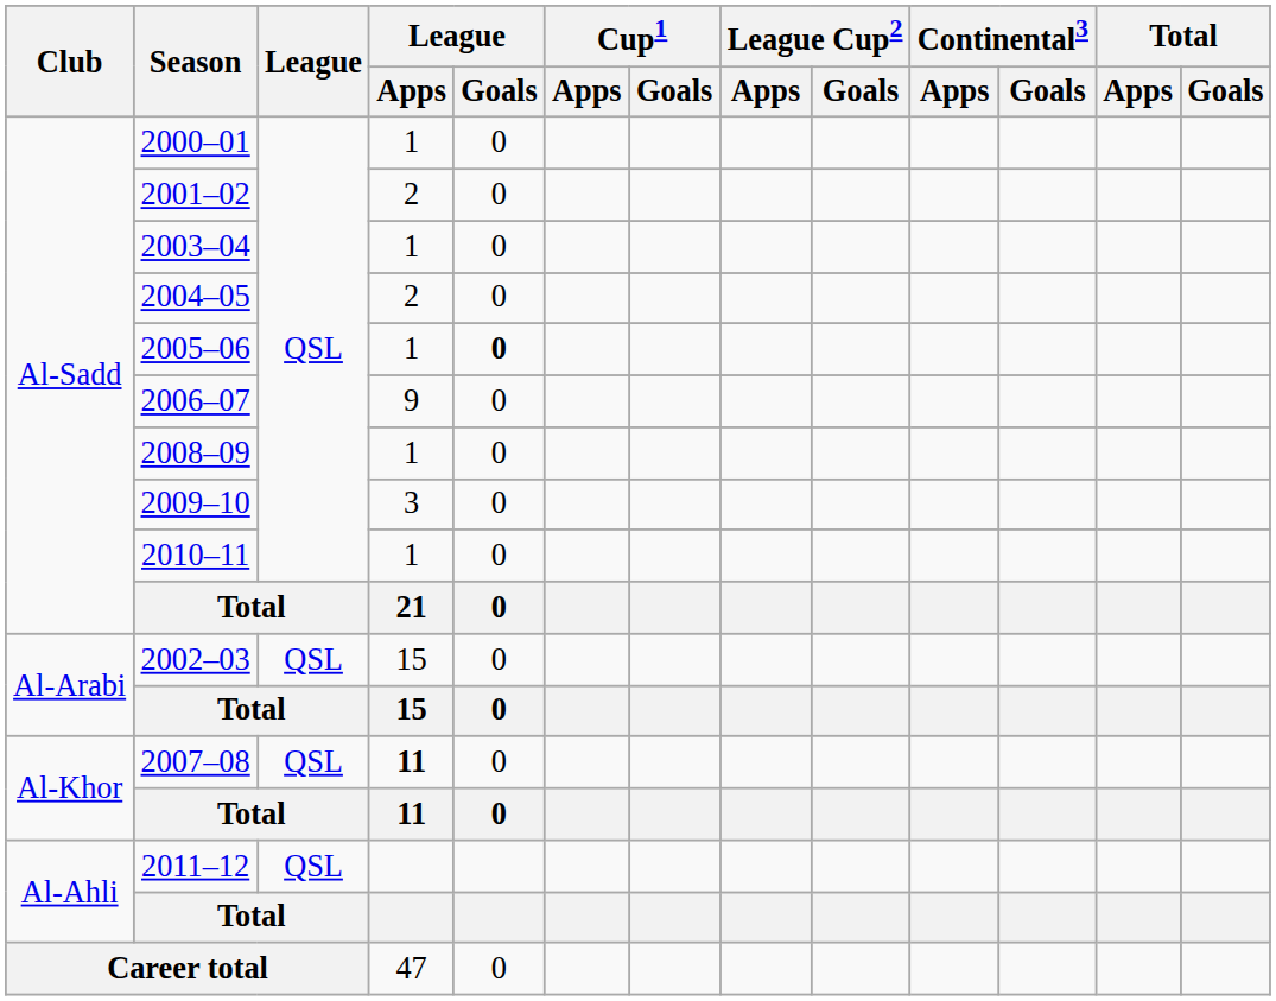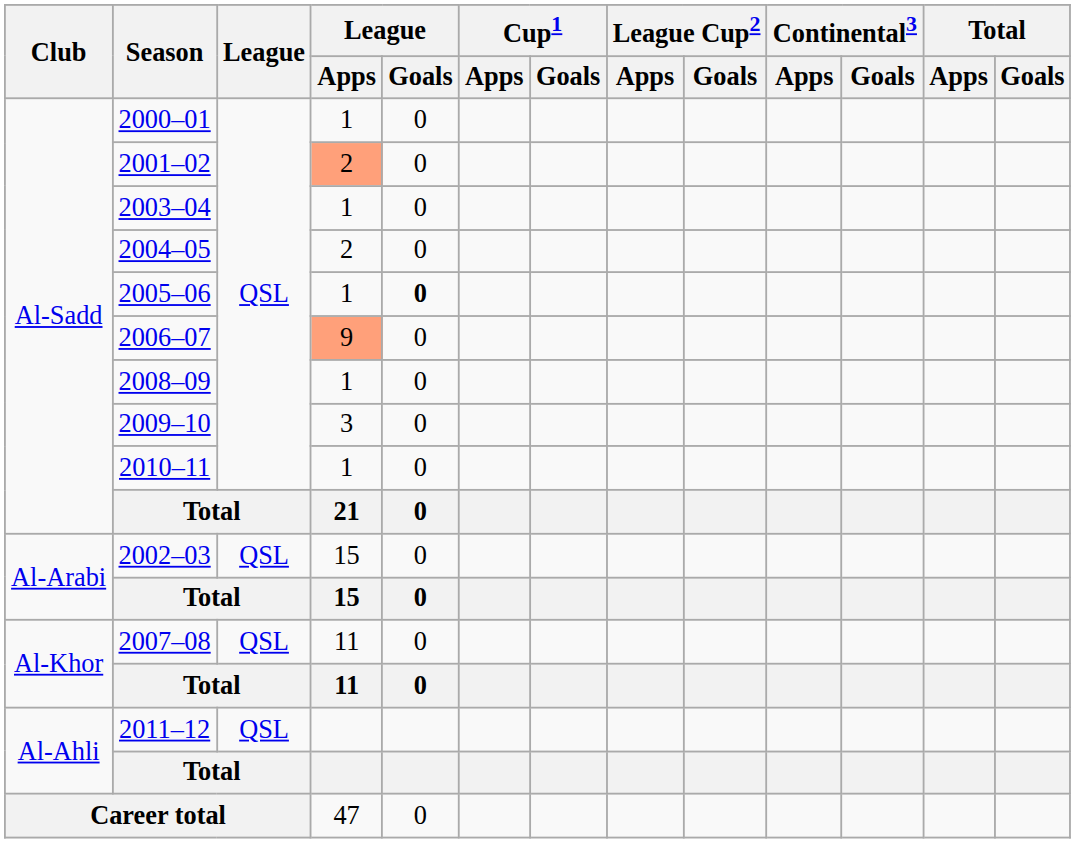 <table class="wikitable" style="font-size:90%; text-align:center;">
 <tr>
 <th rowspan="2">Club</th>
 <th rowspan="2">Season</th>
 <th rowspan="2">League</th>
 <th colspan="2">League</th>
 <th colspan="2">Cup<sup><a href='#'>1</a></sup></th>
 <th colspan="2">League Cup<sup><a href='#'>2</a></sup></th>
 <th colspan="2">Continental<sup><a href='#'>3</a></sup></th>
 <th colspan="2">Total</th>
 </tr>
 <tr>
 <th>Apps</th>
 <th>Goals</th>
 <th>Apps</th>
 <th>Goals</th>
 <th>Apps</th>
 <th>Goals</th>
 <th>Apps</th>
 <th>Goals</th>
 <th>Apps</th>
 <th>Goals</th>
 </tr>
 <tr>
 <td rowspan="10"><a href='#'>Al-Sadd</a></td>
 <td><a href='#'>2000–01</a></td>
 <td rowspan="9" valign="center"><a href='#'>QSL</a></td>
 <td>1</td>
 <td>0</td>
 <td></td>
 <td></td>
 <td></td>
 <td></td>
 <td></td>
 <td></td>
 <td></td>
 <td></td>
 </tr>
 <tr>
 <td><a href='#'>2001–02</a></td>
-<td>2</td>
+<td style="background: lightsalmon;">2</td>
 <td>0</td>
 <td></td>
 <td></td>
 <td></td>
 <td></td>
 <td></td>
 <td></td>
 <td></td>
 <td></td>
 </tr>
 <tr>
 <td><a href='#'>2003–04</a></td>
 <td>1</td>
 <td>0</td>
 <td></td>
 <td></td>
 <td></td>
 <td></td>
 <td></td>
 <td></td>
 <td></td>
 <td></td>
 </tr>
 <tr>
 <td><a href='#'>2004–05</a></td>
 <td>2</td>
 <td>0</td>
 <td></td>
 <td></td>
 <td></td>
 <td></td>
 <td></td>
 <td></td>
 <td></td>
 <td></td>
 </tr>
 <tr>
 <td><a href='#'>2005–06</a></td>
 <td>1</td>
 <td><strong>0</strong></td>
 <td></td>
 <td></td>
 <td></td>
 <td></td>
 <td></td>
 <td></td>
 <td></td>
 <td></td>
 </tr>
 <tr>
 <td><a href='#'>2006–07</a></td>
-<td>9</td>
+<td style="background: lightsalmon;">9</td>
 <td>0</td>
 <td></td>
 <td></td>
 <td></td>
 <td></td>
 <td></td>
 <td></td>
 <td></td>
 <td></td>
 </tr>
 <tr>
 <td><a href='#'>2008–09</a></td>
 <td>1</td>
 <td>0</td>
 <td></td>
 <td></td>
 <td></td>
 <td></td>
 <td></td>
 <td></td>
 <td></td>
 <td></td>
 </tr>
 <tr>
 <td><a href='#'>2009–10</a></td>
 <td>3</td>
 <td>0</td>
 <td></td>
 <td></td>
 <td></td>
 <td></td>
 <td></td>
 <td></td>
 <td></td>
 <td></td>
 </tr>
 <tr>
 <td><a href='#'>2010–11</a></td>
 <td>1</td>
 <td>0</td>
 <td></td>
 <td></td>
 <td></td>
 <td></td>
 <td></td>
 <td></td>
 <td></td>
 <td></td>
 </tr>
 <tr>
 <th colspan="2">Total</th>
 <th>21</th>
 <th>0</th>
 <th></th>
 <th></th>
 <th></th>
 <th></th>
 <th></th>
 <th></th>
 <th></th>
 <th></th>
 </tr>
 <tr>
 <td rowspan="2"><a href='#'>Al-Arabi</a></td>
 <td><a href='#'>2002–03</a></td>
 <td><a href='#'>QSL</a></td>
 <td>15</td>
 <td>0</td>
 <td></td>
 <td></td>
 <td></td>
 <td></td>
 <td></td>
 <td></td>
 <td></td>
 <td></td>
 </tr>
 <tr>
 <th colspan="2">Total</th>
 <th>15</th>
 <th>0</th>
 <th></th>
 <th></th>
 <th></th>
 <th></th>
 <th></th>
 <th></th>
 <th></th>
 <th></th>
 </tr>
 <tr>
 <td rowspan="2"><a href='#'>Al-Khor</a></td>
 <td><a href='#'>2007–08</a></td>
 <td><a href='#'>QSL</a></td>
-<td><strong>11</strong></td>
+<td>11</td>
 <td>0</td>
 <td></td>
 <td></td>
 <td></td>
 <td></td>
 <td></td>
 <td></td>
 <td></td>
 <td></td>
 </tr>
 <tr>
 <th colspan="2">Total</th>
 <th>11</th>
 <th>0</th>
 <th></th>
 <th></th>
 <th></th>
 <th></th>
 <th></th>
 <th></th>
 <th></th>
 <th></th>
 </tr>
 <tr>
 <td rowspan="2"><a href='#'>Al-Ahli</a></td>
 <td><a href='#'>2011–12</a></td>
 <td rowspan="1" valign="center"><a href='#'>QSL</a></td>
 <td></td>
 <td></td>
 <td></td>
 <td></td>
 <td></td>
 <td></td>
 <td></td>
 <td></td>
 <td></td>
 <td></td>
 </tr>
 <tr>
 <th colspan="2">Total</th>
 <th></th>
 <th></th>
 <th></th>
 <th></th>
 <th></th>
 <th></th>
 <th></th>
 <th></th>
 <th></th>
 <th></th>
 </tr>
 <tr>
 <th colspan="3">Career total</th>
 <td>47</td>
 <td>0</td>
 <td></td>
 <td></td>
 <td></td>
 <td></td>
 <td></td>
 <td></td>
 <td></td>
 <td></td>
 </tr>
 </table>
